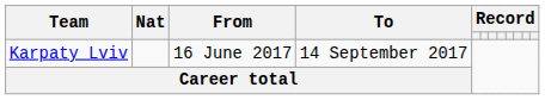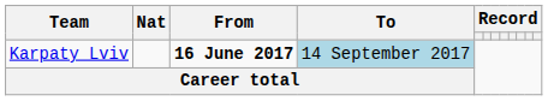 <table class="wikitable" style="text-align: center">
 <tr>
 <th rowspan=2>Team</th>
 <th rowspan=2>Nat</th>
 <th rowspan=2>From</th>
 <th rowspan=2>To</th>
 <th colspan=8>Record</th>
 </tr>
 <tr>
 <th></th>
 <th></th>
 <th></th>
 <th></th>
 <th></th>
 <th></th>
 <th></th>
 <th></th>
 </tr>
 <tr>
 <td><a href='#'>Karpaty Lviv</a></td>
 <td></td>
-<td>16 June 2017</td>
-<td>14 September 2017<br></td>
+<td><strong>16 June 2017</strong></td>
+<td style="background: lightblue;">14 September 2017<br></td>
 </tr>
 <tr>
 <th colspan=4>Career total<br></th>
 </tr>
 </table>
